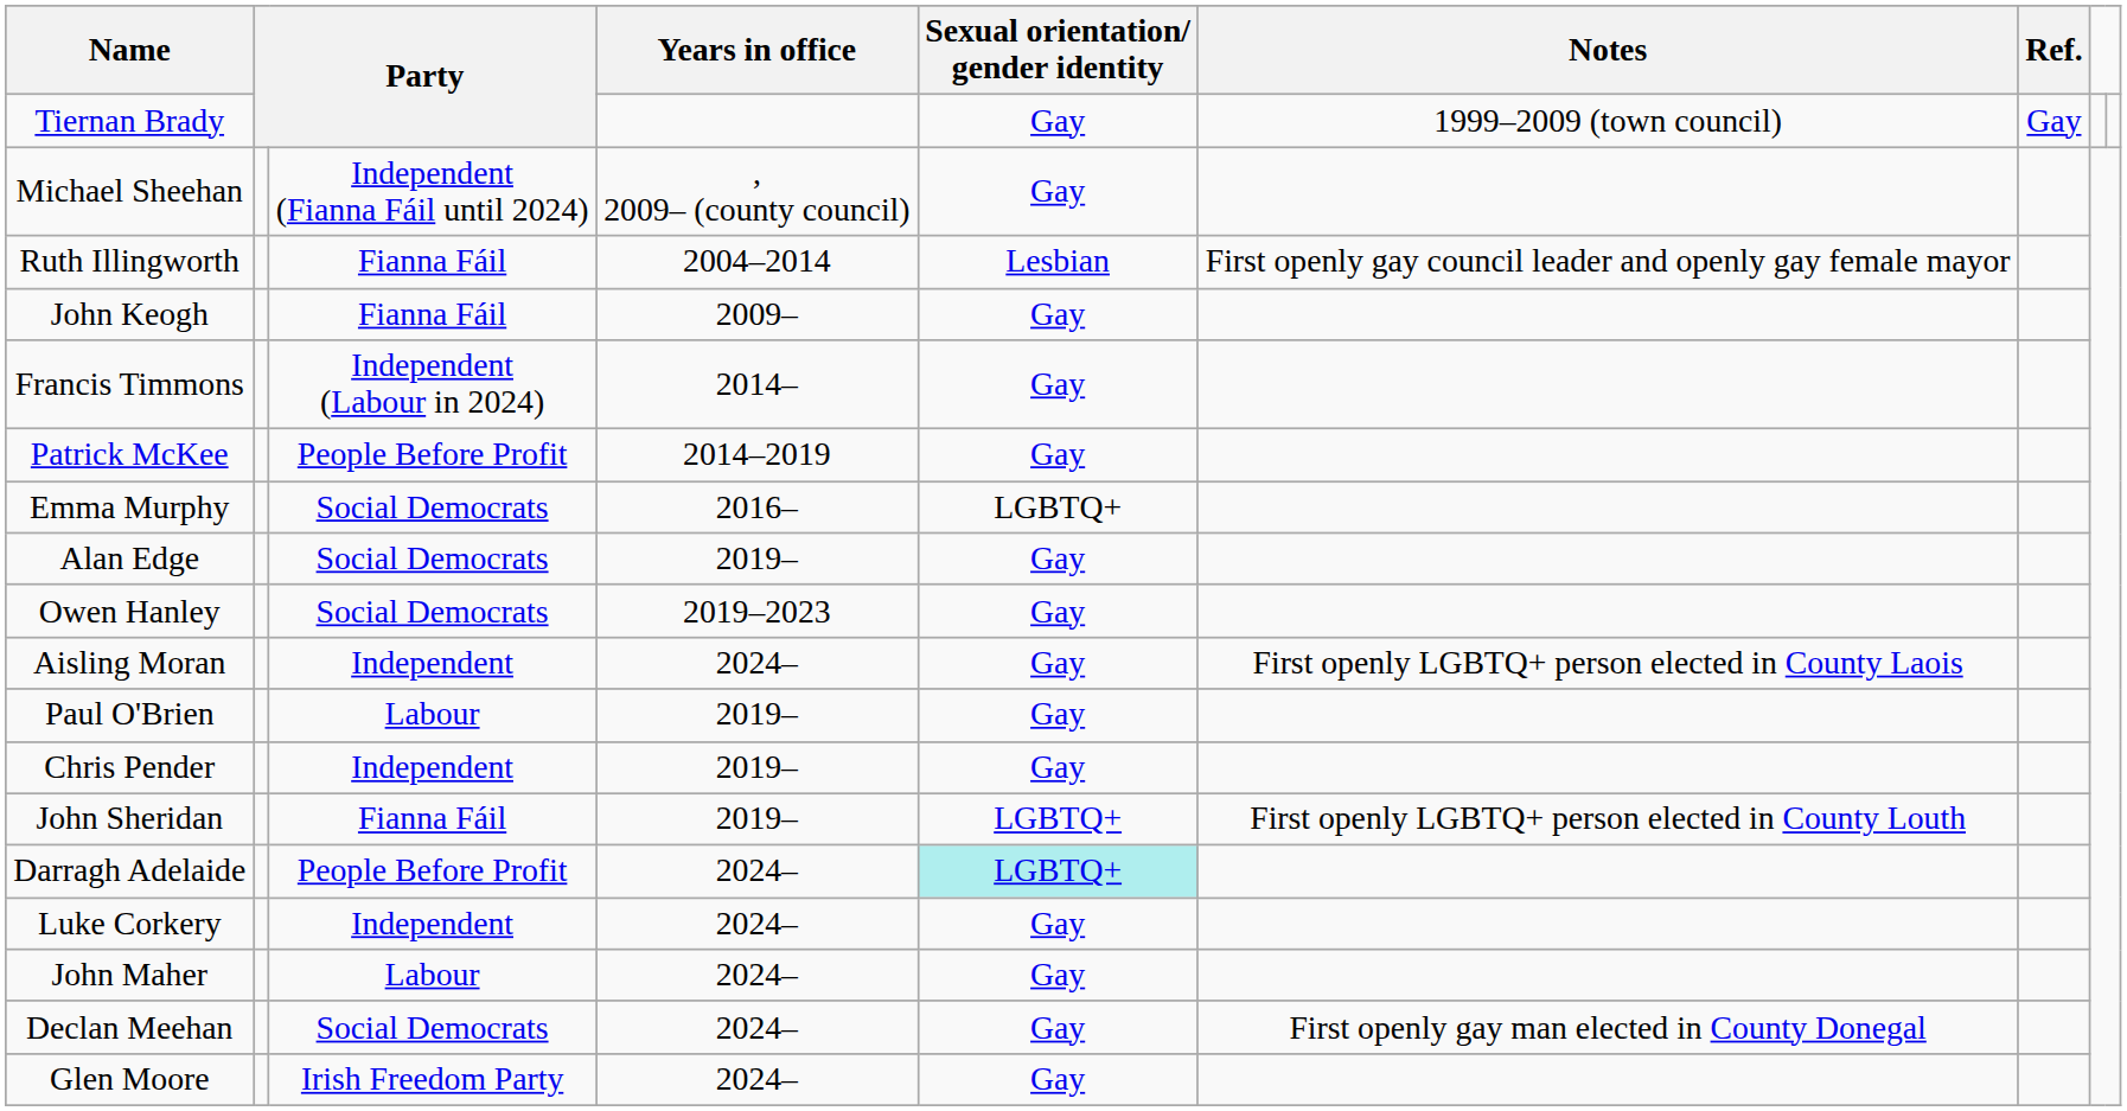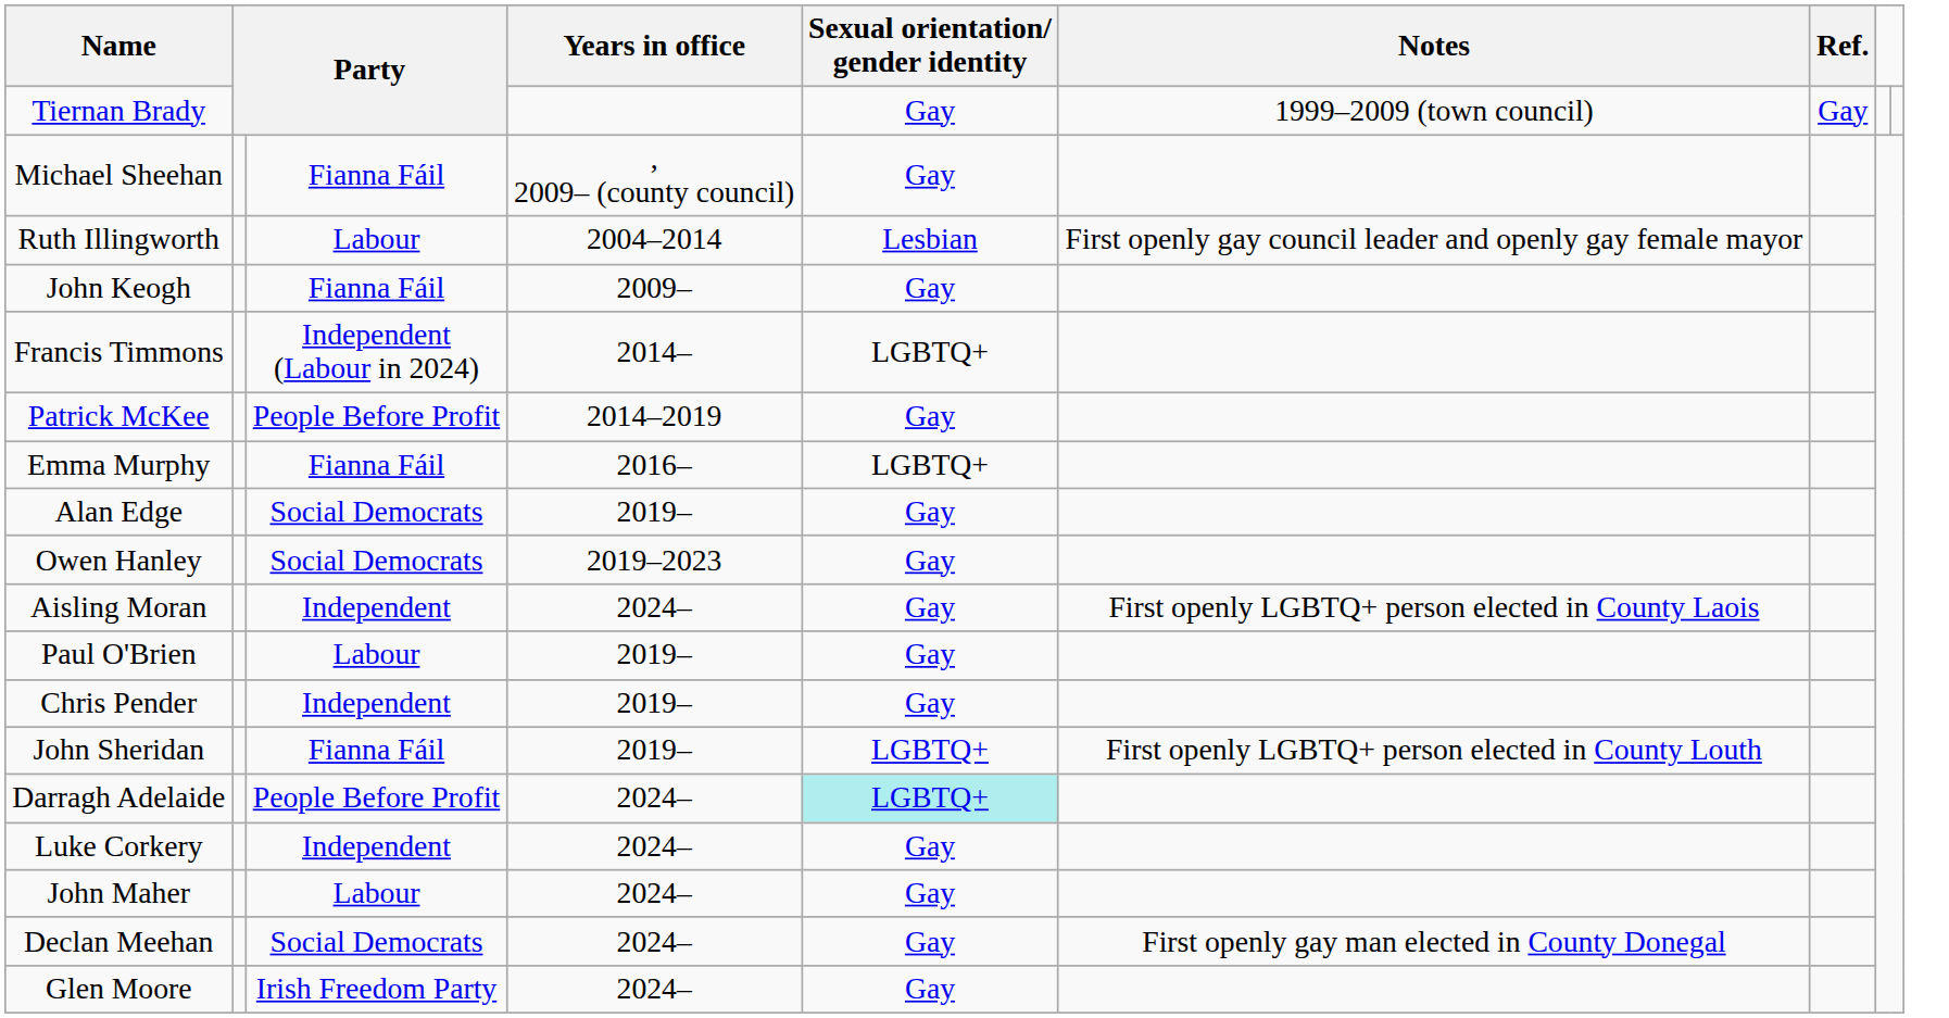 <table class="wikitable sortable" style="text-align:center">
 <tr>
 <th>Name</th>
 <th colspan="2" rowspan="2">Party</th>
 <th>Years in office</th>
 <th>Sexual orientation/<br>gender identity</th>
 <th>Notes</th>
 <th>Ref.</th>
 </tr>
 <tr>
 <td><a href='#'>Tiernan Brady</a></td>
 <td style="background-color:"></td>
 <td><a href='#'>Gay</a></td>
 <td>1999–2009 (town council)</td>
 <td><a href='#'>Gay</a></td>
 <td></td>
 <td></td>
 </tr>
 <tr>
 <td>Michael Sheehan</td>
 <td style="background-color:"></td>
-<td><a href='#'>Independent</a><br>(<a href='#'>Fianna Fáil</a> until 2024)</td>
+<td><a href='#'>Fianna Fáil</a></td>
 <td>,<br>2009– (county council)</td>
 <td><a href='#'>Gay</a></td>
 <td></td>
 <td></td>
 </tr>
 <tr>
 <td>Ruth Illingworth</td>
 <td style="background-color:"></td>
-<td><a href='#'>Fianna Fáil</a></td>
+<td><a href='#'>Labour</a></td>
 <td>2004–2014</td>
 <td><a href='#'>Lesbian</a></td>
 <td>First openly gay council leader and openly gay female mayor</td>
 <td></td>
 </tr>
 <tr>
 <td>John Keogh</td>
 <td style="background-color:"></td>
 <td><a href='#'>Fianna Fáil</a></td>
 <td>2009–</td>
 <td><a href='#'>Gay</a></td>
 <td></td>
 <td></td>
 </tr>
 <tr>
 <td>Francis Timmons</td>
 <td style="background-color:"></td>
 <td><a href='#'>Independent</a><br>(<a href='#'>Labour</a> in 2024)</td>
 <td>2014–</td>
-<td><a href='#'>Gay</a></td>
+<td>LGBTQ+</td>
 <td></td>
 <td></td>
 </tr>
 <tr>
 <td><a href='#'>Patrick McKee</a><br></td>
 <td style="background-color:"></td>
 <td><a href='#'>People Before Profit</a></td>
 <td>2014–2019</td>
 <td><a href='#'>Gay</a></td>
 <td></td>
 <td></td>
 </tr>
 <tr>
 <td>Emma Murphy</td>
 <td style="background-color:"></td>
-<td><a href='#'>Social Democrats</a></td>
+<td><a href='#'>Fianna Fáil</a></td>
 <td>2016–</td>
 <td>LGBTQ+</td>
 <td></td>
 <td></td>
 </tr>
 <tr>
 <td>Alan Edge</td>
 <td style="background-color:"></td>
 <td><a href='#'>Social Democrats</a></td>
 <td>2019–</td>
 <td><a href='#'>Gay</a></td>
 <td></td>
 <td></td>
 </tr>
 <tr>
 <td>Owen Hanley</td>
 <td style="background-color:"></td>
 <td><a href='#'>Social Democrats</a></td>
 <td>2019–2023</td>
 <td><a href='#'>Gay</a></td>
 <td></td>
 <td></td>
 </tr>
 <tr>
 <td>Aisling Moran</td>
 <td style="background-color:"></td>
 <td><a href='#'>Independent</a></td>
 <td>2024–</td>
 <td><a href='#'>Gay</a></td>
 <td>First openly LGBTQ+ person elected in <a href='#'>County Laois</a></td>
 <td></td>
 </tr>
 <tr>
 <td>Paul O'Brien</td>
 <td style="background-color:"></td>
 <td><a href='#'>Labour</a></td>
 <td>2019–</td>
 <td><a href='#'>Gay</a></td>
 <td></td>
 <td></td>
 </tr>
 <tr>
 <td>Chris Pender</td>
 <td style="background-color:"></td>
 <td><a href='#'>Independent</a></td>
 <td>2019–</td>
 <td><a href='#'>Gay</a></td>
 <td></td>
 <td></td>
 </tr>
 <tr>
 <td>John Sheridan</td>
 <td style="background-color:"></td>
 <td><a href='#'>Fianna Fáil</a></td>
 <td>2019–</td>
 <td><a href='#'>LGBTQ+</a></td>
 <td>First openly LGBTQ+ person elected in <a href='#'>County Louth</a></td>
 <td></td>
 </tr>
 <tr>
 <td>Darragh Adelaide</td>
 <td style="background-color:"></td>
 <td><a href='#'>People Before Profit</a></td>
 <td>2024–</td>
 <td style="background: paleturquoise;"><a href='#'>LGBTQ+</a></td>
 <td></td>
 <td></td>
 </tr>
 <tr>
 <td>Luke Corkery</td>
 <td style="background-color:"></td>
 <td><a href='#'>Independent</a></td>
 <td>2024–</td>
 <td><a href='#'>Gay</a></td>
 <td></td>
 <td></td>
 </tr>
 <tr>
 <td>John Maher</td>
 <td style="background-color:"></td>
 <td><a href='#'>Labour</a></td>
 <td>2024–</td>
 <td><a href='#'>Gay</a></td>
 <td></td>
 <td></td>
 </tr>
 <tr>
 <td>Declan Meehan</td>
 <td style="background-color:"></td>
 <td><a href='#'>Social Democrats</a></td>
 <td>2024–</td>
 <td><a href='#'>Gay</a></td>
 <td>First openly gay man elected in <a href='#'>County Donegal</a></td>
 <td></td>
 </tr>
 <tr>
 <td>Glen Moore</td>
 <td style="background-color:"></td>
 <td><a href='#'>Irish Freedom Party</a></td>
 <td>2024–</td>
 <td><a href='#'>Gay</a></td>
 <td></td>
 <td></td>
 </tr>
 </table>
